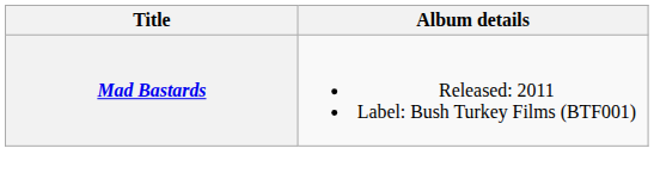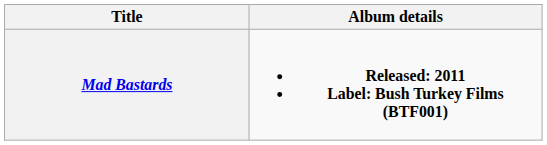 <table class="wikitable plainrowheaders" style="text-align:center">
 <tr>
 <th scope="col" style="width:15em;">Title</th>
 <th scope="col" style="width:18em;">Album details</th>
 </tr>
 <tr>
 <th scope="row"><em><a href='#'>Mad Bastards</a></em> <br></th>
-<td><br><ul><li>Released: 2011</li><li>Label: Bush Turkey Films (BTF001)</li></ul></td>
+<td><strong><br><ul><li>Released: 2011</li><li>Label: Bush Turkey Films (BTF001)</li></ul></strong></td>
 </tr>
 </table>
